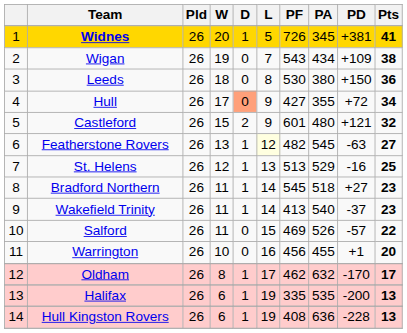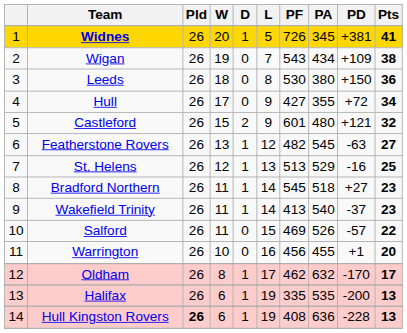 <table class="wikitable" style="text-align:center;">
 <tr>
 <th width=20 abbr="Position"></th>
 <th width=175>Team</th>
 <th width=20 abbr="Played">Pld</th>
 <th width=20 abbr="Won">W</th>
 <th width=20 abbr="Drawn">D</th>
 <th width=20 abbr="Lost">L</th>
 <th width=20 abbr="Points for">PF</th>
 <th width=20 abbr="Points against">PA</th>
 <th width=20 abbr="Points difference">PD</th>
 <th width=20 abbr="Points">Pts</th>
 </tr>
 <tr>
 </tr>
 <tr |- align=center style="background:#FFD700;">
 <td>1</td>
 <td style="text-align:center;"> <strong><a href='#'>Widnes</a></strong></td>
 <td>26</td>
 <td>20</td>
 <td>1</td>
 <td>5</td>
 <td>726</td>
 <td>345</td>
 <td>+381</td>
 <td><strong>41</strong></td>
 </tr>
 <tr>
 <td>2</td>
 <td style="text-align:center;"> <a href='#'>Wigan</a></td>
 <td>26</td>
 <td>19</td>
 <td>0</td>
 <td>7</td>
 <td>543</td>
 <td>434</td>
 <td>+109</td>
 <td><strong>38</strong></td>
 </tr>
 <tr>
 <td>3</td>
 <td style="text-align:center;"> <a href='#'>Leeds</a></td>
 <td>26</td>
 <td>18</td>
 <td>0</td>
 <td>8</td>
 <td>530</td>
 <td>380</td>
 <td>+150</td>
 <td><strong>36</strong></td>
 </tr>
 <tr>
 <td>4</td>
 <td style="text-align:center;"> <a href='#'>Hull</a></td>
 <td>26</td>
 <td>17</td>
-<td style="background: lightsalmon;">0</td>
+<td>0</td>
 <td>9</td>
 <td>427</td>
 <td>355</td>
 <td>+72</td>
 <td><strong>34</strong></td>
 </tr>
 <tr>
 <td>5</td>
 <td style="text-align:center;"> <a href='#'>Castleford</a></td>
 <td>26</td>
 <td>15</td>
 <td>2</td>
 <td>9</td>
 <td>601</td>
 <td>480</td>
 <td>+121</td>
 <td><strong>32</strong></td>
 </tr>
 <tr>
 <td>6</td>
 <td style="text-align:center;"> <a href='#'>Featherstone Rovers</a></td>
 <td>26</td>
 <td>13</td>
 <td>1</td>
-<td style="background: lightyellow;">12</td>
+<td>12</td>
 <td>482</td>
 <td>545</td>
 <td>-63</td>
 <td><strong>27</strong></td>
 </tr>
 <tr>
 <td>7</td>
 <td style="text-align:center;"> <a href='#'>St. Helens</a></td>
 <td>26</td>
 <td>12</td>
 <td>1</td>
 <td>13</td>
 <td>513</td>
 <td>529</td>
 <td>-16</td>
 <td><strong>25</strong></td>
 </tr>
 <tr>
 <td>8</td>
 <td style="text-align:center;"> <a href='#'>Bradford Northern</a></td>
 <td>26</td>
 <td>11</td>
 <td>1</td>
 <td>14</td>
 <td>545</td>
 <td>518</td>
 <td>+27</td>
 <td><strong>23</strong></td>
 </tr>
 <tr>
 <td>9</td>
 <td style="text-align:center;"> <a href='#'>Wakefield Trinity</a></td>
 <td>26</td>
 <td>11</td>
 <td>1</td>
 <td>14</td>
 <td>413</td>
 <td>540</td>
 <td>-37</td>
 <td><strong>23</strong></td>
 </tr>
 <tr>
 <td>10</td>
 <td style="text-align:center;"> <a href='#'>Salford</a></td>
 <td>26</td>
 <td>11</td>
 <td>0</td>
 <td>15</td>
 <td>469</td>
 <td>526</td>
 <td>-57</td>
 <td><strong>22</strong></td>
 </tr>
 <tr>
 <td>11</td>
 <td style="text-align:center;"> <a href='#'>Warrington</a></td>
 <td>26</td>
 <td>10</td>
 <td>0</td>
 <td>16</td>
 <td>456</td>
 <td>455</td>
 <td>+1</td>
 <td><strong>20</strong></td>
 </tr>
 <tr>
 </tr>
 <tr style="background:#FFCCCC">
 <td>12</td>
 <td style="text-align:center;"> <a href='#'>Oldham</a></td>
 <td>26</td>
 <td>8</td>
 <td>1</td>
 <td>17</td>
 <td>462</td>
 <td>632</td>
 <td>-170</td>
 <td><strong>17</strong></td>
 </tr>
 <tr>
 </tr>
 <tr style="background:#FFCCCC">
 <td>13</td>
 <td style="text-align:center;"> <a href='#'>Halifax</a></td>
 <td>26</td>
 <td>6</td>
 <td>1</td>
 <td>19</td>
 <td>335</td>
 <td>535</td>
 <td>-200</td>
 <td><strong>13</strong></td>
 </tr>
 <tr>
 </tr>
 <tr style="background:#FFCCCC">
 <td>14</td>
 <td style="text-align:center;"> <a href='#'>Hull Kingston Rovers</a></td>
-<td>26</td>
+<td><strong>26</strong></td>
 <td>6</td>
 <td>1</td>
 <td>19</td>
 <td>408</td>
 <td>636</td>
 <td>-228</td>
 <td><strong>13</strong></td>
 </tr>
 <tr>
 </tr>
 </table>
